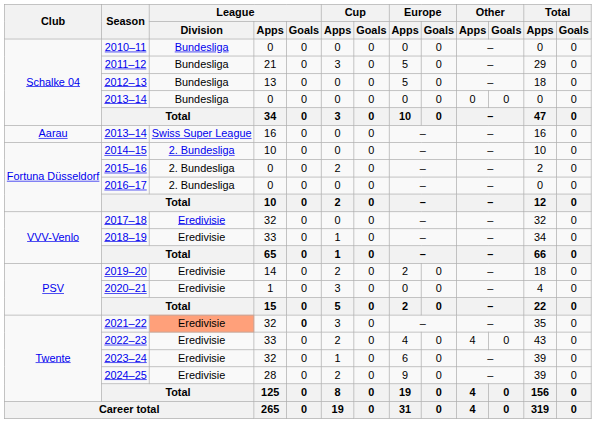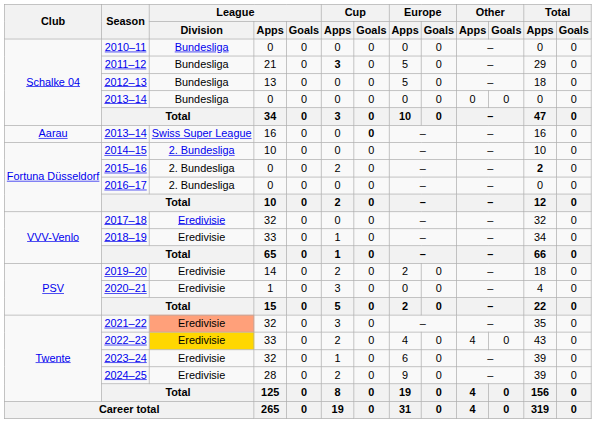 <table class="wikitable" style="text-align: center;">
 <tr>
 <th rowspan="2">Club</th>
 <th rowspan="2">Season</th>
 <th colspan="3">League</th>
 <th colspan="2">Cup</th>
 <th colspan="2">Europe</th>
 <th colspan="2">Other</th>
 <th colspan="2">Total</th>
 </tr>
 <tr>
 <th>Division</th>
 <th>Apps</th>
 <th>Goals</th>
 <th>Apps</th>
 <th>Goals</th>
 <th>Apps</th>
 <th>Goals</th>
 <th>Apps</th>
 <th>Goals</th>
 <th>Apps</th>
 <th>Goals</th>
 </tr>
 <tr>
 <td rowspan="5"><a href='#'>Schalke 04</a></td>
 <td><a href='#'>2010–11</a></td>
 <td><a href='#'>Bundesliga</a></td>
 <td>0</td>
 <td>0</td>
 <td>0</td>
 <td>0</td>
 <td>0</td>
 <td>0</td>
 <td colspan="2">–</td>
 <td>0</td>
 <td>0</td>
 </tr>
 <tr>
 <td><a href='#'>2011–12</a></td>
 <td>Bundesliga</td>
 <td>21</td>
 <td>0</td>
-<td>3</td>
+<td><strong>3</strong></td>
 <td>0</td>
 <td>5</td>
 <td>0</td>
 <td colspan="2">–</td>
 <td>29</td>
 <td>0</td>
 </tr>
 <tr>
 <td><a href='#'>2012–13</a></td>
 <td>Bundesliga</td>
 <td>13</td>
 <td>0</td>
 <td>0</td>
 <td>0</td>
 <td>5</td>
 <td>0</td>
 <td colspan="2">–</td>
 <td>18</td>
 <td>0</td>
 </tr>
 <tr>
 <td><a href='#'>2013–14</a></td>
 <td>Bundesliga</td>
 <td>0</td>
 <td>0</td>
 <td>0</td>
 <td>0</td>
 <td>0</td>
 <td>0</td>
 <td>0</td>
 <td>0</td>
 <td>0</td>
 <td>0</td>
 </tr>
 <tr>
 <th colspan="2">Total</th>
 <th>34</th>
 <th>0</th>
 <th>3</th>
 <th>0</th>
 <th>10</th>
 <th>0</th>
 <th colspan="2">–</th>
 <th>47</th>
 <th>0</th>
 </tr>
 <tr>
 <td><a href='#'>Aarau</a></td>
 <td><a href='#'>2013–14</a></td>
 <td><a href='#'>Swiss Super League</a></td>
 <td>16</td>
 <td>0</td>
 <td>0</td>
-<td>0</td>
+<td><strong>0</strong></td>
 <td colspan="2">–</td>
 <td colspan="2">–</td>
 <td>16</td>
 <td>0</td>
 </tr>
 <tr>
 <td rowspan="4"><a href='#'>Fortuna Düsseldorf</a></td>
 <td><a href='#'>2014–15</a></td>
 <td><a href='#'>2. Bundesliga</a></td>
 <td>10</td>
 <td>0</td>
 <td>0</td>
 <td>0</td>
 <td colspan="2">–</td>
 <td colspan="2">–</td>
 <td>10</td>
 <td>0</td>
 </tr>
 <tr>
 <td><a href='#'>2015–16</a></td>
 <td>2. Bundesliga</td>
 <td>0</td>
 <td>0</td>
 <td>2</td>
 <td>0</td>
 <td colspan="2">–</td>
 <td colspan="2">–</td>
-<td>2</td>
+<td><strong>2</strong></td>
 <td>0</td>
 </tr>
 <tr>
 <td><a href='#'>2016–17</a></td>
 <td>2. Bundesliga</td>
 <td>0</td>
 <td>0</td>
 <td>0</td>
 <td>0</td>
 <td colspan="2">–</td>
 <td colspan="2">–</td>
 <td>0</td>
 <td>0</td>
 </tr>
 <tr>
 <th colspan="2">Total</th>
 <th>10</th>
 <th>0</th>
 <th>2</th>
 <th>0</th>
 <th colspan="2">–</th>
 <th colspan="2">–</th>
 <th>12</th>
 <th>0</th>
 </tr>
 <tr>
 <td rowspan="3"><a href='#'>VVV-Venlo</a></td>
 <td><a href='#'>2017–18</a></td>
 <td><a href='#'>Eredivisie</a></td>
 <td>32</td>
 <td>0</td>
 <td>0</td>
 <td>0</td>
 <td colspan="2">–</td>
 <td colspan="2">–</td>
 <td>32</td>
 <td>0</td>
 </tr>
 <tr>
 <td><a href='#'>2018–19</a></td>
 <td>Eredivisie</td>
 <td>33</td>
 <td>0</td>
 <td>1</td>
 <td>0</td>
 <td colspan="2">–</td>
 <td colspan="2">–</td>
 <td>34</td>
 <td>0</td>
 </tr>
 <tr>
 <th colspan="2">Total</th>
 <th>65</th>
 <th>0</th>
 <th>1</th>
 <th>0</th>
 <th colspan="2">–</th>
 <th colspan="2">–</th>
 <th>66</th>
 <th>0</th>
 </tr>
 <tr>
 <td rowspan="3"><a href='#'>PSV</a></td>
 <td><a href='#'>2019–20</a></td>
 <td>Eredivisie</td>
 <td>14</td>
 <td>0</td>
 <td>2</td>
 <td>0</td>
 <td>2</td>
 <td>0</td>
 <td colspan="2">–</td>
 <td>18</td>
 <td>0</td>
 </tr>
 <tr>
 <td><a href='#'>2020–21</a></td>
 <td>Eredivisie</td>
 <td>1</td>
 <td>0</td>
 <td>3</td>
 <td>0</td>
 <td>0</td>
 <td>0</td>
 <td colspan="2">–</td>
 <td>4</td>
 <td>0</td>
 </tr>
 <tr>
 <th colspan="2">Total</th>
 <th>15</th>
 <th>0</th>
 <th>5</th>
 <th>0</th>
 <th>2</th>
 <th>0</th>
 <th colspan="2">–</th>
 <th>22</th>
 <th>0</th>
 </tr>
 <tr>
 <td rowspan="5"><a href='#'>Twente</a></td>
 <td><a href='#'>2021–22</a></td>
 <td style="background: lightsalmon;">Eredivisie</td>
 <td>32</td>
-<td><strong>0</strong></td>
+<td>0</td>
 <td>3</td>
 <td>0</td>
 <td colspan="2">–</td>
 <td colspan="2">–</td>
 <td>35</td>
 <td>0</td>
 </tr>
 <tr>
 <td><a href='#'>2022–23</a></td>
-<td>Eredivisie</td>
+<td style="background: gold;">Eredivisie</td>
 <td>33</td>
 <td>0</td>
 <td>2</td>
 <td>0</td>
 <td>4</td>
 <td>0</td>
 <td>4</td>
 <td>0</td>
 <td>43</td>
 <td>0</td>
 </tr>
 <tr>
 <td><a href='#'>2023–24</a></td>
 <td>Eredivisie</td>
 <td>32</td>
 <td>0</td>
 <td>1</td>
 <td>0</td>
 <td>6</td>
 <td>0</td>
 <td colspan="2">–</td>
 <td>39</td>
 <td>0</td>
 </tr>
 <tr>
 <td><a href='#'>2024–25</a></td>
 <td>Eredivisie</td>
 <td>28</td>
 <td>0</td>
 <td>2</td>
 <td>0</td>
 <td>9</td>
 <td>0</td>
 <td colspan="2">–</td>
 <td>39</td>
 <td>0</td>
 </tr>
 <tr>
 <th colspan="2">Total</th>
 <th>125</th>
 <th>0</th>
 <th>8</th>
 <th>0</th>
 <th>19</th>
 <th>0</th>
 <th>4</th>
 <th>0</th>
 <th>156</th>
 <th>0</th>
 </tr>
 <tr>
 <th colspan="3">Career total</th>
 <th>265</th>
 <th>0</th>
 <th>19</th>
 <th>0</th>
 <th>31</th>
 <th>0</th>
 <th>4</th>
 <th>0</th>
 <th>319</th>
 <th>0</th>
 </tr>
 </table>
